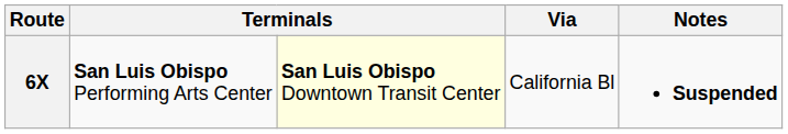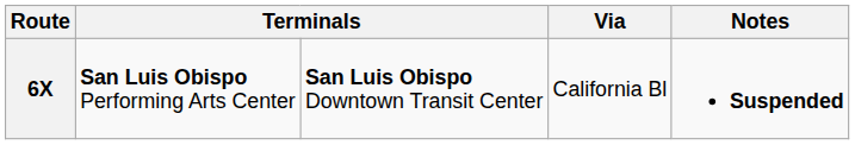 <table class="wikitable">
 <tr>
 <th>Route</th>
 <th colspan="2">Terminals</th>
 <th>Via</th>
 <th>Notes</th>
 </tr>
 <tr>
 <th>6X</th>
 <td><strong>San Luis Obispo</strong><br>Performing Arts Center</td>
-<td style="background: lightyellow;"><strong>San Luis Obispo</strong><br>Downtown Transit Center</td>
+<td><strong>San Luis Obispo</strong><br>Downtown Transit Center</td>
 <td>California Bl</td>
 <td><br><ul><li><strong>Suspended</strong></li></ul></td>
 </tr>
 </table>
